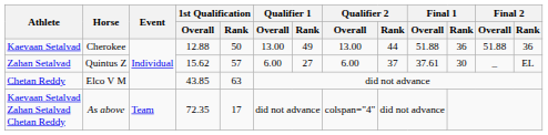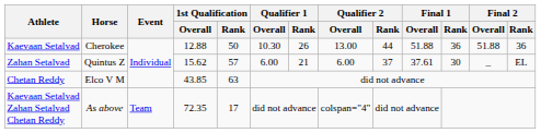 <table class=wikitable style="text-align:center; font-size:90%">
 <tr>
 <th rowspan="2">Athlete</th>
 <th rowspan="2">Horse</th>
 <th rowspan="2">Event</th>
 <th colspan="2">1st Qualification</th>
 <th colspan="2">Qualifier 1</th>
 <th colspan="2">Qualifier 2</th>
 <th colspan="2">Final 1</th>
 <th colspan="2">Final 2</th>
 </tr>
 <tr>
 <th>Overall</th>
 <th>Rank</th>
 <th>Overall</th>
 <th>Rank</th>
 <th>Overall</th>
 <th>Rank</th>
 <th>Overall</th>
 <th>Rank</th>
 <th>Overall</th>
 <th>Rank</th>
 </tr>
 <tr>
 <td align=left><a href='#'>Kaevaan Setalvad</a></td>
 <td>Cherokee</td>
 <td style="text-align:left;" rowspan="3"><a href='#'>Individual</a></td>
 <td>12.88</td>
 <td>50</td>
-<td>13.00</td>
-<td>49</td>
+<td>10.30</td>
+<td>26</td>
 <td>13.00</td>
 <td>44</td>
 <td>51.88</td>
 <td>36</td>
 <td>51.88</td>
 <td>36</td>
 </tr>
 <tr>
 <td align=left><a href='#'>Zahan Setalvad</a></td>
 <td>Quintus Z</td>
 <td>15.62</td>
 <td>57</td>
 <td>6.00</td>
-<td>27</td>
+<td>21</td>
 <td>6.00</td>
 <td>37</td>
 <td>37.61</td>
 <td>30</td>
 <td>_</td>
 <td>EL</td>
 </tr>
 <tr>
 <td align=left><a href='#'>Chetan Reddy</a></td>
 <td>Elco V M</td>
 <td>43.85</td>
 <td>63</td>
 <td colspan="9">did not advance</td>
 </tr>
 <tr>
 <td align=left><a href='#'>Kaevaan Setalvad</a><br><a href='#'>Zahan Setalvad</a><br><a href='#'>Chetan Reddy</a></td>
 <td><em>As above</em></td>
 <td style="text-align:left;"><a href='#'>Team</a></td>
 <td>72.35</td>
 <td>17</td>
 <td colspan="2">did not advance</td>
 <td>colspan="4" </td>
 <td colspan="2">did not advance</td>
 </tr>
 </table>
